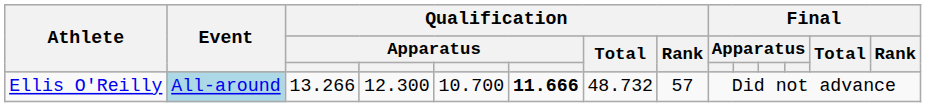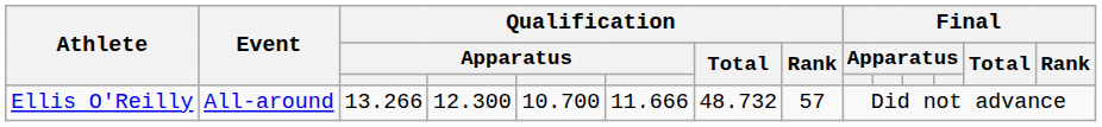 <table class="wikitable" style="font-size:90%">
 <tr>
 <th rowspan=3>Athlete</th>
 <th rowspan=3>Event</th>
 <th colspan =6>Qualification</th>
 <th colspan =6>Final</th>
 </tr>
 <tr style="font-size:95%">
 <th colspan=4>Apparatus</th>
 <th rowspan=2>Total</th>
 <th rowspan=2>Rank</th>
 <th colspan=4>Apparatus</th>
 <th rowspan=2>Total</th>
 <th rowspan=2>Rank</th>
 </tr>
 <tr style="font-size:95%">
 <th></th>
 <th></th>
 <th></th>
 <th></th>
 <th></th>
 <th></th>
 <th></th>
 <th></th>
 </tr>
 <tr align=center>
 <td align=left><a href='#'>Ellis O'Reilly</a></td>
-<td align=left style="background: lightblue;"><a href='#'>All-around</a></td>
+<td align=left><a href='#'>All-around</a></td>
 <td>13.266</td>
 <td>12.300</td>
 <td>10.700</td>
-<td><strong>11.666</strong></td>
+<td>11.666</td>
 <td>48.732</td>
 <td>57</td>
 <td colspan=6>Did not advance</td>
 </tr>
 </table>
